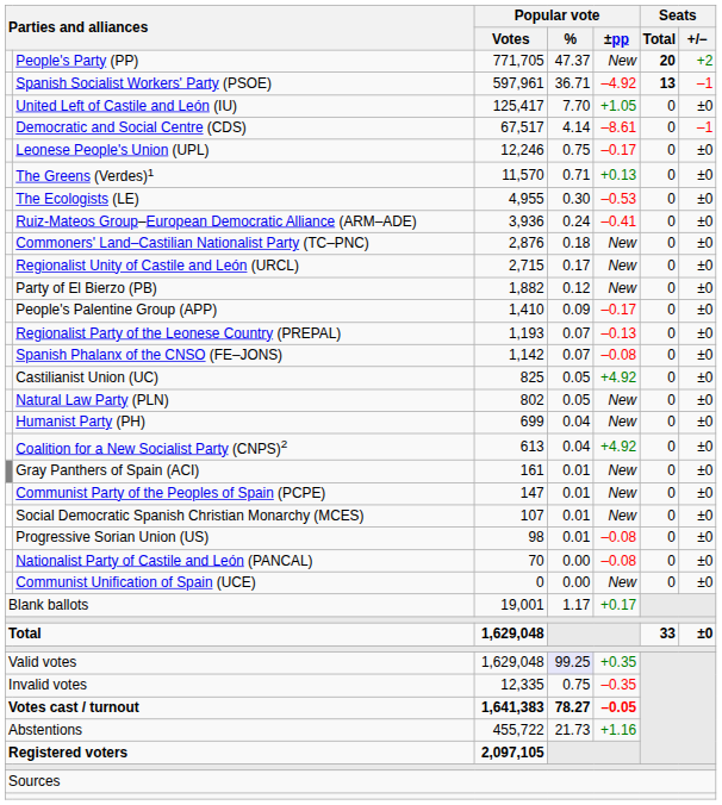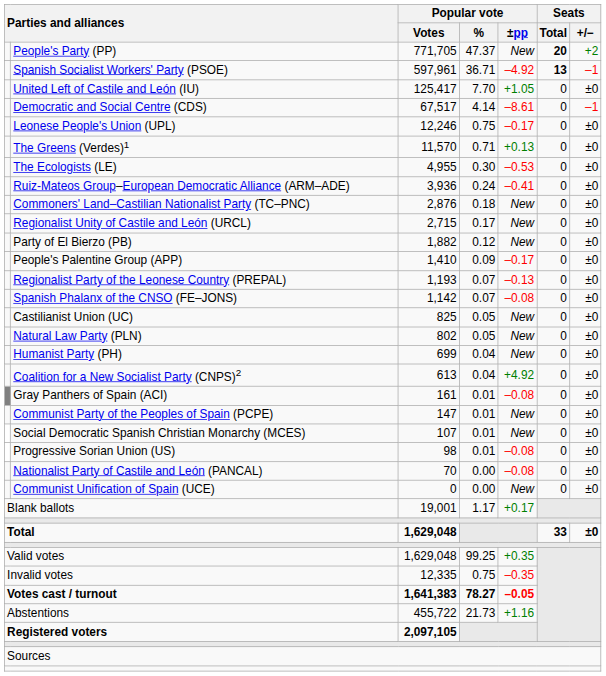 <table class="wikitable" style="text-align:right;">
 <tr>
 <th style="text-align:left;" rowspan="2" colspan="2" width="525">Parties and alliances</th>
 <th colspan="3">Popular vote</th>
 <th colspan="2">Seats</th>
 </tr>
 <tr>
 <th width="75">Votes</th>
 <th width="45">%</th>
 <th width="45">±<a href='#'>pp</a></th>
 <th width="35">Total</th>
 <th width="35">+/−</th>
 </tr>
 <tr>
 <td width="1" style="color:inherit;background:"></td>
 <td align="left"><a href='#'>People's Party</a> (PP)</td>
 <td>771,705</td>
 <td>47.37</td>
 <td><em>New</em></td>
 <td><strong>20</strong></td>
 <td style="color:green;">+2</td>
 </tr>
 <tr>
 <td style="color:inherit;background:"></td>
 <td align="left"><a href='#'>Spanish Socialist Workers' Party</a> (PSOE)</td>
 <td>597,961</td>
 <td>36.71</td>
 <td style="color:red;">–4.92</td>
 <td><strong>13</strong></td>
 <td style="color:red;">–1</td>
 </tr>
 <tr>
 <td style="color:inherit;background:"></td>
 <td align="left"><a href='#'>United Left of Castile and León</a> (IU)</td>
 <td>125,417</td>
 <td>7.70</td>
 <td style="color:green;">+1.05</td>
 <td>0</td>
 <td>±0</td>
 </tr>
 <tr>
 <td style="color:inherit;background:"></td>
 <td align="left"><a href='#'>Democratic and Social Centre</a> (CDS)</td>
 <td>67,517</td>
 <td>4.14</td>
 <td style="color:red;">–8.61</td>
 <td>0</td>
 <td style="color:red;">–1</td>
 </tr>
 <tr>
 <td style="color:inherit;background:"></td>
 <td align="left"><a href='#'>Leonese People's Union</a> (UPL)</td>
 <td>12,246</td>
 <td>0.75</td>
 <td style="color:red;">–0.17</td>
 <td>0</td>
 <td>±0</td>
 </tr>
 <tr>
 <td style="color:inherit;background:"></td>
 <td align="left"><a href='#'>The Greens</a> (Verdes)<sup>1</sup></td>
 <td>11,570</td>
 <td>0.71</td>
 <td style="color:green;">+0.13</td>
 <td>0</td>
 <td>±0</td>
 </tr>
 <tr>
 <td style="color:inherit;background:"></td>
 <td align="left"><a href='#'>The Ecologists</a> (LE)</td>
 <td>4,955</td>
 <td>0.30</td>
 <td style="color:red;">–0.53</td>
 <td>0</td>
 <td>±0</td>
 </tr>
 <tr>
 <td style="color:inherit;background:"></td>
 <td align="left"><a href='#'>Ruiz-Mateos Group</a>–<a href='#'>European Democratic Alliance</a> (ARM–ADE)</td>
 <td>3,936</td>
 <td>0.24</td>
 <td style="color:red;">–0.41</td>
 <td>0</td>
 <td>±0</td>
 </tr>
 <tr>
 <td style="color:inherit;background:"></td>
 <td align="left"><a href='#'>Commoners' Land–Castilian Nationalist Party</a> (TC–PNC)</td>
 <td>2,876</td>
 <td>0.18</td>
 <td><em>New</em></td>
 <td>0</td>
 <td>±0</td>
 </tr>
 <tr>
 <td style="color:inherit;background:"></td>
 <td align="left"><a href='#'>Regionalist Unity of Castile and León</a> (URCL)</td>
 <td>2,715</td>
 <td>0.17</td>
 <td><em>New</em></td>
 <td>0</td>
 <td>±0</td>
 </tr>
 <tr>
 <td style="color:inherit;background:"></td>
 <td align="left">Party of El Bierzo (PB)</td>
 <td>1,882</td>
 <td>0.12</td>
 <td><em>New</em></td>
 <td>0</td>
 <td>±0</td>
 </tr>
 <tr>
 <td style="color:inherit;background:"></td>
 <td align="left">People's Palentine Group (APP)</td>
 <td>1,410</td>
 <td>0.09</td>
 <td style="color:red;">–0.17</td>
 <td>0</td>
 <td>±0</td>
 </tr>
 <tr>
 <td style="color:inherit;background:"></td>
 <td align="left"><a href='#'>Regionalist Party of the Leonese Country</a> (PREPAL)</td>
 <td>1,193</td>
 <td>0.07</td>
 <td style="color:red;">–0.13</td>
 <td>0</td>
 <td>±0</td>
 </tr>
 <tr>
 <td style="color:inherit;background:"></td>
 <td align="left"><a href='#'>Spanish Phalanx of the CNSO</a> (FE–JONS)</td>
 <td>1,142</td>
 <td>0.07</td>
 <td style="color:red;">–0.08</td>
 <td>0</td>
 <td>±0</td>
 </tr>
 <tr>
 <td style="color:inherit;background:"></td>
 <td align="left">Castilianist Union (UC)</td>
 <td>825</td>
 <td>0.05</td>
-<td style="color:green;">+4.92</td>
+<td><em>New</em></td>
 <td>0</td>
 <td>±0</td>
 </tr>
 <tr>
 <td style="color:inherit;background:"></td>
 <td align="left"><a href='#'>Natural Law Party</a> (PLN)</td>
 <td>802</td>
 <td>0.05</td>
 <td><em>New</em></td>
 <td>0</td>
 <td>±0</td>
 </tr>
 <tr>
 <td style="color:inherit;background:"></td>
 <td align="left"><a href='#'>Humanist Party</a> (PH)</td>
 <td>699</td>
 <td>0.04</td>
 <td><em>New</em></td>
 <td>0</td>
 <td>±0</td>
 </tr>
 <tr>
 <td style="color:inherit;background:"></td>
 <td align="left"><a href='#'>Coalition for a New Socialist Party</a> (CNPS)<sup>2</sup></td>
 <td>613</td>
 <td>0.04</td>
 <td style="color:green;">+4.92</td>
 <td>0</td>
 <td>±0</td>
 </tr>
 <tr>
 <td bgcolor="gray"></td>
 <td align="left">Gray Panthers of Spain (ACI)</td>
 <td>161</td>
 <td>0.01</td>
-<td><em>New</em></td>
+<td style="color:red;">–0.08</td>
 <td>0</td>
 <td>±0</td>
 </tr>
 <tr>
 <td style="color:inherit;background:"></td>
 <td align="left"><a href='#'>Communist Party of the Peoples of Spain</a> (PCPE)</td>
 <td>147</td>
 <td>0.01</td>
 <td><em>New</em></td>
 <td>0</td>
 <td>±0</td>
 </tr>
 <tr>
 <td bgcolor="white"></td>
 <td align="left">Social Democratic Spanish Christian Monarchy (MCES)</td>
 <td>107</td>
 <td>0.01</td>
 <td><em>New</em></td>
 <td>0</td>
 <td>±0</td>
 </tr>
 <tr>
 <td bgcolor="white"></td>
 <td align="left">Progressive Sorian Union (US)</td>
 <td>98</td>
 <td>0.01</td>
 <td style="color:red;">–0.08</td>
 <td>0</td>
 <td>±0</td>
 </tr>
 <tr>
 <td style="color:inherit;background:"></td>
 <td align="left"><a href='#'>Nationalist Party of Castile and León</a> (PANCAL)</td>
 <td>70</td>
 <td>0.00</td>
 <td style="color:red;">–0.08</td>
 <td>0</td>
 <td>±0</td>
 </tr>
 <tr>
 <td style="color:inherit;background:"></td>
 <td align="left"><a href='#'>Communist Unification of Spain</a> (UCE)</td>
 <td>0</td>
 <td>0.00</td>
 <td><em>New</em></td>
 <td>0</td>
 <td>±0</td>
 </tr>
 <tr>
 <td align="left" colspan="2">Blank ballots</td>
 <td>19,001</td>
 <td>1.17</td>
 <td style="color:green;">+0.17</td>
 <td bgcolor="#E9E9E9" colspan="2"></td>
 </tr>
 <tr>
 <td colspan="7" bgcolor="#E9E9E9"></td>
 </tr>
 <tr style="font-weight:bold;">
 <td align="left" colspan="2">Total</td>
 <td>1,629,048</td>
 <td bgcolor="#E9E9E9" colspan="2"></td>
 <td>33</td>
 <td>±0</td>
 </tr>
 <tr>
 <td colspan="7" bgcolor="#E9E9E9"></td>
 </tr>
 <tr>
 <td align="left" colspan="2">Valid votes</td>
 <td>1,629,048</td>
-<td style="background: lavender;">99.25</td>
+<td>99.25</td>
 <td style="color:green;">+0.35</td>
 <td bgcolor="#E9E9E9" colspan="2" rowspan="5"></td>
 </tr>
 <tr>
 <td align="left" colspan="2">Invalid votes</td>
 <td>12,335</td>
 <td>0.75</td>
 <td style="color:red;">–0.35</td>
 </tr>
 <tr style="font-weight:bold;">
 <td align="left" colspan="2">Votes cast / turnout</td>
 <td>1,641,383</td>
 <td>78.27</td>
 <td style="color:red;">–0.05</td>
 </tr>
 <tr>
 <td align="left" colspan="2">Abstentions</td>
 <td>455,722</td>
 <td>21.73</td>
 <td style="color:green;">+1.16</td>
 </tr>
 <tr style="font-weight:bold;">
 <td align="left" colspan="2">Registered voters</td>
 <td>2,097,105</td>
 <td bgcolor="#E9E9E9" colspan="2"></td>
 </tr>
 <tr>
 <td colspan="7" bgcolor="#E9E9E9"></td>
 </tr>
 <tr>
 <td align="left" colspan="7">Sources</td>
 </tr>
 <tr>
 <td colspan="7" style="text-align:left; max-width:790px;"></td>
 </tr>
 </table>
